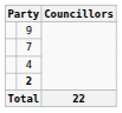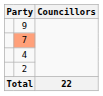 <table class="wikitable">
 <tr>
 <th colspan=2>Party</th>
 <th>Councillors</th>
 </tr>
 <tr>
 <td></td>
 <td align=center>9</td>
 </tr>
 <tr>
 <td></td>
-<td align=center>7</td>
+<td align=center style="background: lightsalmon;">7</td>
 </tr>
 <tr>
 <td></td>
 <td align=center>4</td>
 </tr>
 <tr>
 <td></td>
-<td align=center><strong>2</strong></td>
+<td align=center>2</td>
 </tr>
 <tr>
 <th colspan=2>Total</th>
 <th align=center>22</th>
 </tr>
 </table>
